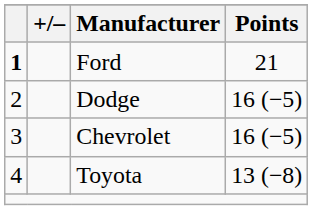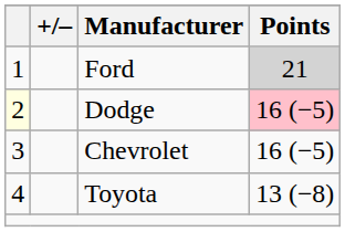 <table class="wikitable sortable">
 <tr>
 </tr>
 <tr>
 <th scope="col"></th>
 <th scope="col">+/–</th>
 <th scope="col">Manufacturer</th>
 <th scope="col">Points</th>
 </tr>
 <tr>
-<td scope="row"><strong>1</strong></td>
+<td scope="row">1</td>
 <td align="left"></td>
 <td>Ford</td>
-<td style="text-align:center;">21</td>
+<td style="background: lightgrey; text-align:center;">21</td>
 </tr>
 <tr>
-<td scope="row">2</td>
+<td scope="row" style="background: lightyellow;">2</td>
 <td align="left"></td>
 <td>Dodge</td>
-<td style="text-align:center;">16 (−5)</td>
+<td style="background: pink; text-align:center;">16 (−5)</td>
 </tr>
 <tr>
 <td scope="row">3</td>
 <td align="left"></td>
 <td>Chevrolet</td>
 <td style="text-align:center;">16 (−5)</td>
 </tr>
 <tr>
 <td scope="row">4</td>
 <td align="left"></td>
 <td>Toyota</td>
 <td style="text-align:center;">13 (−8)</td>
 </tr>
 <tr class="sortbottom">
 <td colspan="9"></td>
 </tr>
 </table>
